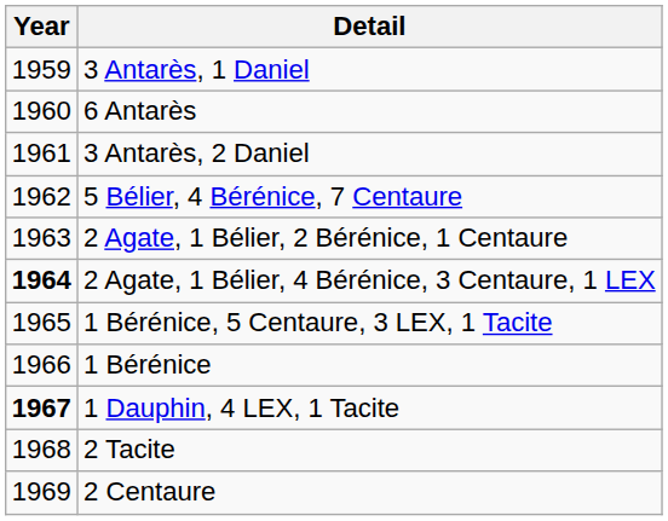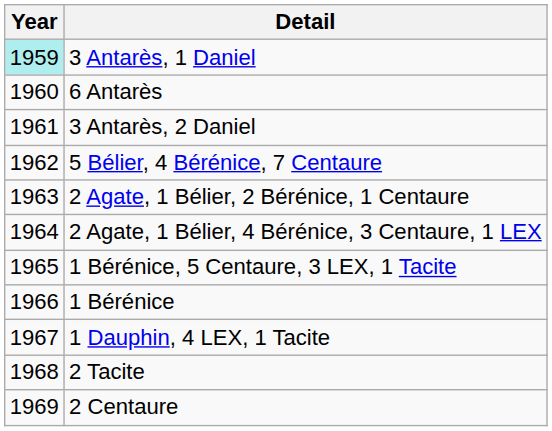 <table class="wikitable sortable">
 <tr>
 <th>Year</th>
 <th>Detail</th>
 </tr>
 <tr>
-<td>1959</td>
+<td style="background: paleturquoise;">1959</td>
 <td>3 <a href='#'>Antarès</a>, 1 <a href='#'>Daniel</a></td>
 </tr>
 <tr>
 <td>1960</td>
 <td>6 Antarès</td>
 </tr>
 <tr>
 <td>1961</td>
 <td>3 Antarès, 2 Daniel</td>
 </tr>
 <tr>
 <td>1962</td>
 <td>5 <a href='#'>Bélier</a>, 4 <a href='#'>Bérénice</a>, 7 <a href='#'>Centaure</a></td>
 </tr>
 <tr>
 <td>1963</td>
 <td>2 <a href='#'>Agate</a>, 1 Bélier, 2 Bérénice, 1 Centaure</td>
 </tr>
 <tr>
-<td><strong>1964</strong></td>
+<td>1964</td>
 <td>2 Agate, 1 Bélier, 4 Bérénice, 3 Centaure, 1 <a href='#'>LEX</a></td>
 </tr>
 <tr>
 <td>1965</td>
 <td>1 Bérénice, 5 Centaure, 3 LEX, 1 <a href='#'>Tacite</a></td>
 </tr>
 <tr>
 <td>1966</td>
 <td>1 Bérénice</td>
 </tr>
 <tr>
-<td><strong>1967</strong></td>
+<td>1967</td>
 <td>1 <a href='#'>Dauphin</a>, 4 LEX, 1 Tacite</td>
 </tr>
 <tr>
 <td>1968</td>
 <td>2 Tacite</td>
 </tr>
 <tr>
 <td>1969</td>
 <td>2 Centaure</td>
 </tr>
 </table>
